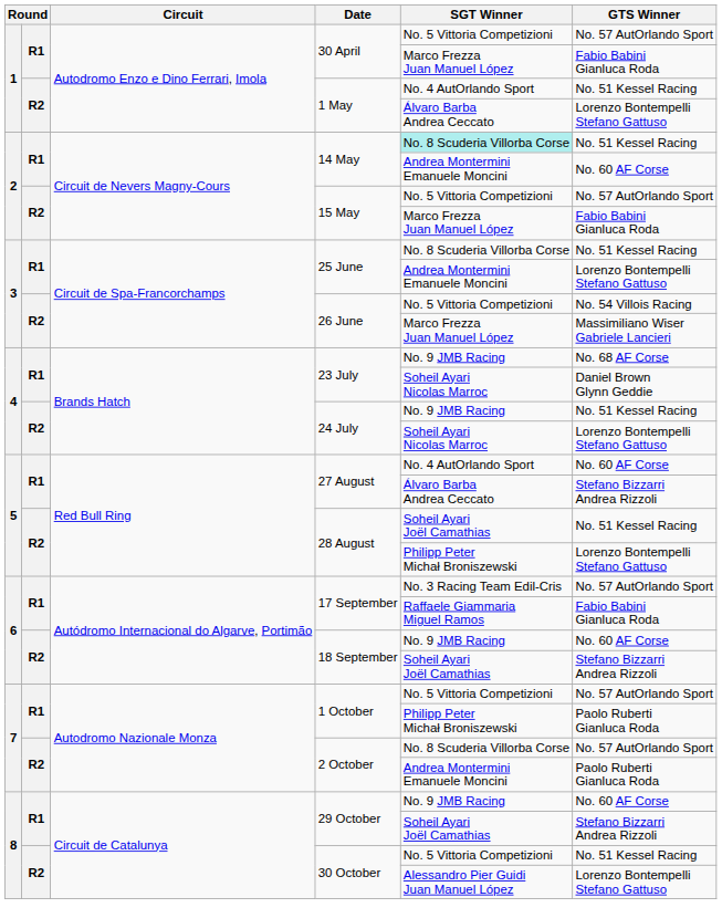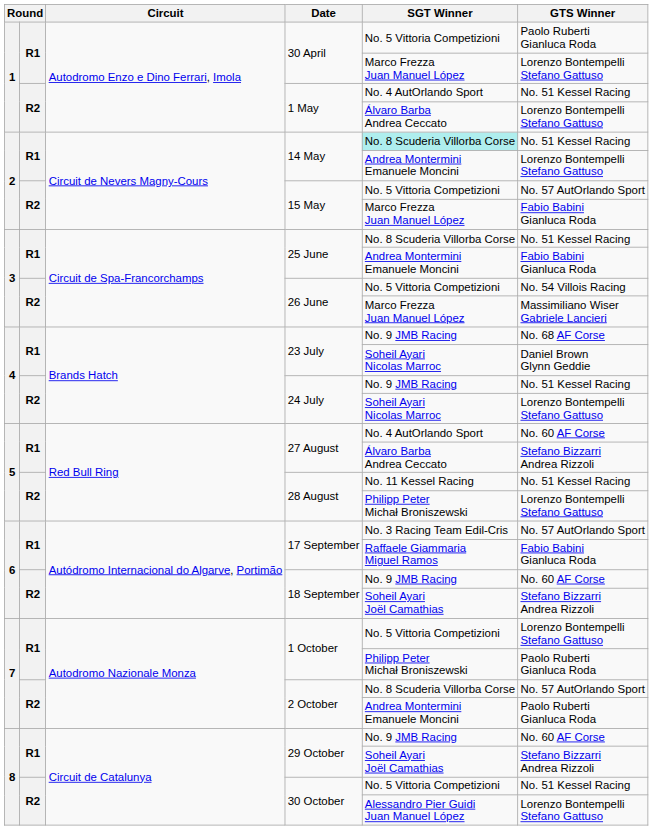 <table class="wikitable" style="font-size: 85%;">
 <tr>
 <th colspan=2>Round</th>
 <th>Circuit</th>
 <th>Date</th>
 <th>SGT Winner</th>
 <th>GTS Winner</th>
 </tr>
 <tr>
 <th rowspan=4>1</th>
 <th rowspan=2>R1</th>
 <td rowspan=4> <a href='#'>Autodromo Enzo e Dino Ferrari</a>, <a href='#'>Imola</a></td>
 <td rowspan=2>30 April</td>
 <td>No. 5 Vittoria Competizioni</td>
-<td>No. 57 AutOrlando Sport</td>
+<td> Paolo Ruberti<br> Gianluca Roda</td>
 </tr>
 <tr>
 <td> Marco Frezza<br> <a href='#'>Juan Manuel López</a></td>
-<td> <a href='#'>Fabio Babini</a><br> Gianluca Roda</td>
+<td> Lorenzo Bontempelli<br> <a href='#'>Stefano Gattuso</a></td>
 </tr>
 <tr>
 <th rowspan=2>R2</th>
 <td rowspan=2>1 May</td>
 <td>No. 4 AutOrlando Sport</td>
 <td>No. 51 Kessel Racing</td>
 </tr>
 <tr>
 <td> <a href='#'>Álvaro Barba</a><br> Andrea Ceccato</td>
 <td> Lorenzo Bontempelli<br> <a href='#'>Stefano Gattuso</a></td>
 </tr>
 <tr>
 <th rowspan=4>2</th>
 <th rowspan=2>R1</th>
 <td rowspan=4> <a href='#'>Circuit de Nevers Magny-Cours</a></td>
 <td rowspan=2>14 May</td>
 <td style="background: paleturquoise;">No. 8 Scuderia Villorba Corse</td>
 <td>No. 51 Kessel Racing</td>
 </tr>
 <tr>
 <td> <a href='#'>Andrea Montermini</a><br> Emanuele Moncini</td>
-<td>No. 60 <a href='#'>AF Corse</a></td>
+<td> Lorenzo Bontempelli<br> <a href='#'>Stefano Gattuso</a></td>
 </tr>
 <tr>
 <th rowspan=2>R2</th>
 <td rowspan=2>15 May</td>
 <td>No. 5 Vittoria Competizioni</td>
 <td>No. 57 AutOrlando Sport</td>
 </tr>
 <tr>
 <td> Marco Frezza<br> <a href='#'>Juan Manuel López</a></td>
 <td> <a href='#'>Fabio Babini</a><br> Gianluca Roda</td>
 </tr>
 <tr>
 <th rowspan=4>3</th>
 <th rowspan=2>R1</th>
 <td rowspan=4> <a href='#'>Circuit de Spa-Francorchamps</a></td>
 <td rowspan=2>25 June</td>
 <td>No. 8 Scuderia Villorba Corse</td>
 <td>No. 51 Kessel Racing</td>
 </tr>
 <tr>
 <td> <a href='#'>Andrea Montermini</a><br> Emanuele Moncini</td>
-<td> Lorenzo Bontempelli<br> <a href='#'>Stefano Gattuso</a></td>
+<td> <a href='#'>Fabio Babini</a><br> Gianluca Roda</td>
 </tr>
 <tr>
 <th rowspan=2>R2</th>
 <td rowspan=2>26 June</td>
 <td>No. 5 Vittoria Competizioni</td>
 <td>No. 54 Villois Racing</td>
 </tr>
 <tr>
 <td> Marco Frezza<br> <a href='#'>Juan Manuel López</a></td>
 <td> Massimiliano Wiser<br> <a href='#'>Gabriele Lancieri</a></td>
 </tr>
 <tr>
 <th rowspan=4>4</th>
 <th rowspan=2>R1</th>
 <td rowspan=4> <a href='#'>Brands Hatch</a></td>
 <td rowspan=2>23 July</td>
 <td>No. 9 <a href='#'>JMB Racing</a></td>
 <td>No. 68 <a href='#'>AF Corse</a></td>
 </tr>
 <tr>
 <td> <a href='#'>Soheil Ayari</a><br> <a href='#'>Nicolas Marroc</a></td>
 <td> Daniel Brown<br> Glynn Geddie</td>
 </tr>
 <tr>
 <th rowspan=2>R2</th>
 <td rowspan=2>24 July</td>
 <td>No. 9 <a href='#'>JMB Racing</a></td>
 <td>No. 51 Kessel Racing</td>
 </tr>
 <tr>
 <td> <a href='#'>Soheil Ayari</a><br> <a href='#'>Nicolas Marroc</a></td>
 <td> Lorenzo Bontempelli<br> <a href='#'>Stefano Gattuso</a></td>
 </tr>
 <tr>
 <th rowspan=4>5</th>
 <th rowspan=2>R1</th>
 <td rowspan=4> <a href='#'>Red Bull Ring</a></td>
 <td rowspan=2>27 August</td>
 <td>No. 4 AutOrlando Sport</td>
 <td>No. 60 <a href='#'>AF Corse</a></td>
 </tr>
 <tr>
 <td> <a href='#'>Álvaro Barba</a><br> Andrea Ceccato</td>
 <td> <a href='#'>Stefano Bizzarri</a><br> Andrea Rizzoli</td>
 </tr>
 <tr>
 <th rowspan=2>R2</th>
 <td rowspan=2>28 August</td>
-<td> <a href='#'>Soheil Ayari</a><br> <a href='#'>Joël Camathias</a></td>
+<td>No. 11 Kessel Racing</td>
 <td>No. 51 Kessel Racing</td>
 </tr>
 <tr>
 <td> <a href='#'>Philipp Peter</a><br> Michał Broniszewski</td>
 <td> Lorenzo Bontempelli<br> <a href='#'>Stefano Gattuso</a></td>
 </tr>
 <tr>
 <th rowspan=4>6</th>
 <th rowspan=2>R1</th>
 <td rowspan=4> <a href='#'>Autódromo Internacional do Algarve</a>, <a href='#'>Portimão</a></td>
 <td rowspan=2>17 September</td>
 <td>No. 3 Racing Team Edil-Cris</td>
 <td>No. 57 AutOrlando Sport</td>
 </tr>
 <tr>
 <td> <a href='#'>Raffaele Giammaria</a><br> <a href='#'>Miguel Ramos</a></td>
 <td> <a href='#'>Fabio Babini</a><br> Gianluca Roda</td>
 </tr>
 <tr>
 <th rowspan=2>R2</th>
 <td rowspan=2>18 September</td>
 <td>No. 9 <a href='#'>JMB Racing</a></td>
 <td>No. 60 <a href='#'>AF Corse</a></td>
 </tr>
 <tr>
 <td> <a href='#'>Soheil Ayari</a><br> <a href='#'>Joël Camathias</a></td>
 <td> <a href='#'>Stefano Bizzarri</a><br> Andrea Rizzoli</td>
 </tr>
 <tr>
 <th rowspan=4>7</th>
 <th rowspan=2>R1</th>
 <td rowspan=4> <a href='#'>Autodromo Nazionale Monza</a></td>
 <td rowspan=2>1 October</td>
 <td>No. 5 Vittoria Competizioni</td>
-<td>No. 57 AutOrlando Sport</td>
+<td> Lorenzo Bontempelli<br> <a href='#'>Stefano Gattuso</a></td>
 </tr>
 <tr>
 <td> <a href='#'>Philipp Peter</a><br> Michał Broniszewski</td>
 <td> Paolo Ruberti<br> Gianluca Roda</td>
 </tr>
 <tr>
 <th rowspan=2>R2</th>
 <td rowspan=2>2 October</td>
 <td>No. 8 Scuderia Villorba Corse</td>
 <td>No. 57 AutOrlando Sport</td>
 </tr>
 <tr>
 <td> <a href='#'>Andrea Montermini</a><br> Emanuele Moncini</td>
 <td> Paolo Ruberti<br> Gianluca Roda</td>
 </tr>
 <tr>
 <th rowspan=4>8</th>
 <th rowspan=2>R1</th>
 <td rowspan=4> <a href='#'>Circuit de Catalunya</a></td>
 <td rowspan=2>29 October</td>
 <td>No. 9 <a href='#'>JMB Racing</a></td>
 <td>No. 60 <a href='#'>AF Corse</a></td>
 </tr>
 <tr>
 <td> <a href='#'>Soheil Ayari</a><br> <a href='#'>Joël Camathias</a></td>
 <td> <a href='#'>Stefano Bizzarri</a><br> Andrea Rizzoli</td>
 </tr>
 <tr>
 <th rowspan=2>R2</th>
 <td rowspan=2>30 October</td>
 <td>No. 5 Vittoria Competizioni</td>
 <td>No. 51 Kessel Racing</td>
 </tr>
 <tr>
 <td> <a href='#'>Alessandro Pier Guidi</a><br> <a href='#'>Juan Manuel López</a></td>
 <td> Lorenzo Bontempelli<br> <a href='#'>Stefano Gattuso</a></td>
 </tr>
 </table>
